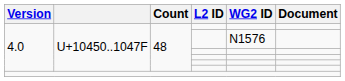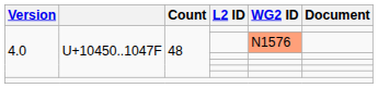 <table class="wikitable sticky-header">
 <tr>
 <th><a href='#'>Version</a></th>
 <th></th>
 <th>Count</th>
 <th><a href='#'>L2</a> ID</th>
 <th><a href='#'>WG2</a> ID</th>
 <th>Document</th>
 </tr>
 <tr>
 <td rowspan="6">4.0</td>
 <td rowspan="6">U+10450..1047F</td>
 <td rowspan="6">48</td>
 <td></td>
 <td></td>
 <td></td>
 </tr>
 <tr>
 <td></td>
-<td>N1576</td>
+<td style="background: lightsalmon;">N1576</td>
 <td></td>
 </tr>
 <tr>
 <td></td>
 <td></td>
 <td></td>
 </tr>
 <tr>
 <td></td>
 <td></td>
 <td></td>
 </tr>
 <tr>
 <td></td>
 <td></td>
 <td></td>
 </tr>
 <tr>
 <td></td>
 <td></td>
 <td></td>
 </tr>
 <tr class="sortbottom">
 <td colspan="6"></td>
 </tr>
 </table>
